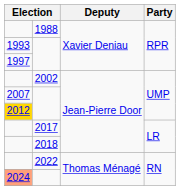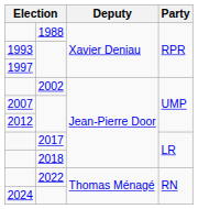 <table class="wikitable">
 <tr>
 <th colspan="2">Election</th>
 <th>Deputy</th>
 <th>Party</th>
 </tr>
 <tr>
 <td style="color:inherit;background:"></td>
 <td><a href='#'>1988</a></td>
 <td rowspan="3"><a href='#'>Xavier Deniau</a></td>
 <td rowspan="3"><a href='#'>RPR</a></td>
 </tr>
 <tr>
 <td><a href='#'>1993</a></td>
 </tr>
 <tr>
 <td><a href='#'>1997</a></td>
 </tr>
 <tr>
 <td style="color:inherit;background:"></td>
 <td><a href='#'>2002</a></td>
 <td rowspan="5"><a href='#'>Jean-Pierre Door</a></td>
 <td rowspan="3"><a href='#'>UMP</a></td>
 </tr>
 <tr>
 <td><a href='#'>2007</a></td>
 </tr>
 <tr>
-<td style="background: gold;"><a href='#'>2012</a></td>
+<td><a href='#'>2012</a></td>
 </tr>
 <tr>
 <td style="color:inherit;background:"></td>
 <td><a href='#'>2017</a></td>
 <td rowspan="2"><a href='#'>LR</a></td>
 </tr>
 <tr>
 <td style="color:inherit;background:"></td>
 <td><a href='#'>2018</a></td>
 </tr>
 <tr>
 <td style="color:inherit;background-color: "></td>
 <td><a href='#'>2022</a></td>
 <td rowspan="2"><a href='#'>Thomas Ménagé</a></td>
 <td rowspan="2"><a href='#'>RN</a></td>
 </tr>
 <tr>
-<td style="background: lightsalmon;"><a href='#'>2024</a></td>
+<td><a href='#'>2024</a></td>
 </tr>
 </table>
